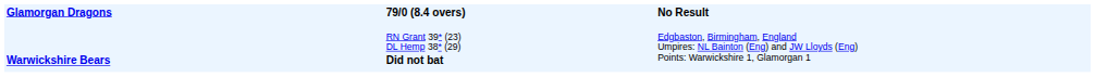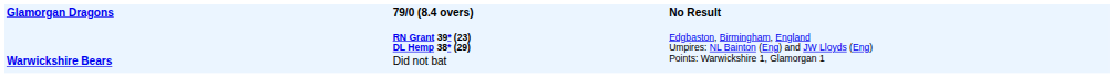 <table style="width:100%; background:#ebf5ff;">
 <tr>
 <td style="width:35%; vertical-align:top;" rowspan="2"><strong><a href='#'>Glamorgan Dragons</a></strong></td>
 <td style="width:25%;"><strong>79/0 (8.4 overs)</strong></td>
 <td style="width:40%;"><strong>No Result</strong></td>
 </tr>
 <tr>
-<td style="font-size: 85%;"><br><a href='#'>RN Grant</a> 39<a href='#'>*</a> (23)<br> <a href='#'>DL Hemp</a> 38<a href='#'>*</a> (29)<br></td>
+<td style="font-size: 85%;"><strong><br><a href='#'>RN Grant</a> 39<a href='#'>*</a> (23)<br> <a href='#'>DL Hemp</a> 38<a href='#'>*</a> (29)<br></strong></td>
 <td style="vertical-align:top; font-size:85%;" rowspan="3"><br><a href='#'>Edgbaston</a>, <a href='#'>Birmingham</a>, <a href='#'>England</a><br> Umpires: <a href='#'>NL Bainton</a> (<a href='#'>Eng</a>) and <a href='#'>JW Lloyds</a> (<a href='#'>Eng</a>)<br> Points: Warwickshire 1, Glamorgan 1</td>
 </tr>
 <tr>
 <td style="vertical-align:top;" rowspan="2"><strong><a href='#'>Warwickshire Bears</a></strong></td>
-<td><strong>Did not bat</strong></td>
+<td>Did not bat</td>
 </tr>
 <tr>
 <td style="font-size: 85%;"></td>
 </tr>
 </table>
